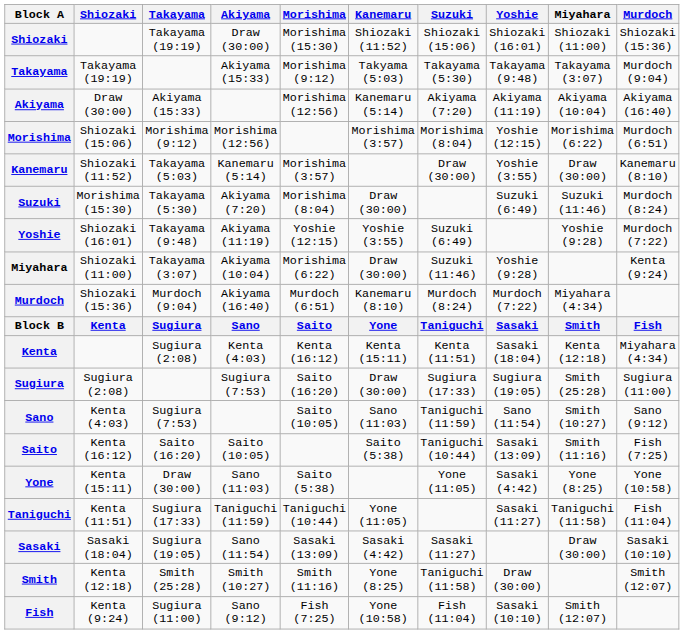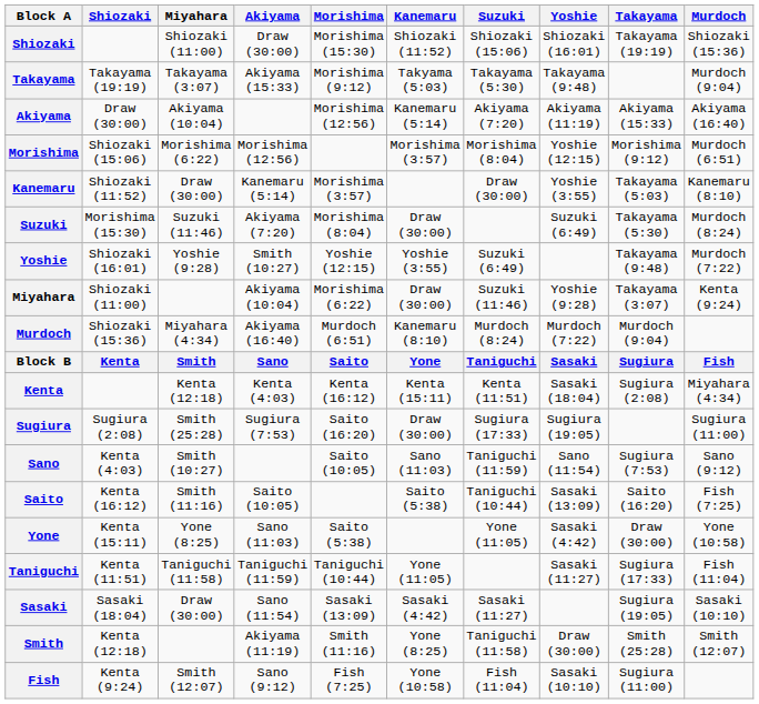 <table class="wikitable" style="margin: 1em auto 1em auto;text-align:center">
 <tr>
 <th>Block A</th>
 <th><a href='#'>Shiozaki</a></th>
-<th><a href='#'>Takayama</a></th>
+<th>Miyahara</th>
 <th><a href='#'>Akiyama</a></th>
 <th><a href='#'>Morishima</a></th>
 <th><a href='#'>Kanemaru</a></th>
 <th><a href='#'>Suzuki</a></th>
 <th><a href='#'>Yoshie</a></th>
-<th>Miyahara</th>
+<th><a href='#'>Takayama</a></th>
 <th><a href='#'>Murdoch</a></th>
 </tr>
 <tr>
 <th><a href='#'>Shiozaki</a></th>
 <td></td>
-<td>Takayama<br>(19:19)</td>
+<td>Shiozaki<br>(11:00)</td>
 <td>Draw<br>(30:00)</td>
 <td>Morishima<br>(15:30)</td>
 <td>Shiozaki<br>(11:52)</td>
 <td>Shiozaki<br>(15:06)</td>
 <td>Shiozaki<br>(16:01)</td>
-<td>Shiozaki<br>(11:00)</td>
+<td>Takayama<br>(19:19)</td>
 <td>Shiozaki<br>(15:36)</td>
 </tr>
 <tr>
 <th><a href='#'>Takayama</a></th>
 <td>Takayama<br>(19:19)</td>
-<td></td>
+<td>Takayama<br>(3:07)</td>
 <td>Akiyama<br>(15:33)</td>
 <td>Morishima<br>(9:12)</td>
 <td>Takyama<br>(5:03)</td>
 <td>Takayama<br>(5:30)</td>
 <td>Takayama<br>(9:48)</td>
-<td>Takayama<br>(3:07)</td>
+<td></td>
 <td>Murdoch<br>(9:04)</td>
 </tr>
 <tr>
 <th><a href='#'>Akiyama</a></th>
 <td>Draw<br>(30:00)</td>
-<td>Akiyama<br>(15:33)</td>
+<td>Akiyama<br>(10:04)</td>
 <td></td>
 <td>Morishima<br>(12:56)</td>
 <td>Kanemaru<br>(5:14)</td>
 <td>Akiyama<br>(7:20)</td>
 <td>Akiyama<br>(11:19)</td>
-<td>Akiyama<br>(10:04)</td>
+<td>Akiyama<br>(15:33)</td>
 <td>Akiyama<br>(16:40)</td>
 </tr>
 <tr>
 <th><a href='#'>Morishima</a></th>
 <td>Shiozaki<br>(15:06)</td>
-<td>Morishima<br>(9:12)</td>
+<td>Morishima<br>(6:22)</td>
 <td>Morishima<br>(12:56)</td>
 <td></td>
 <td>Morishima<br>(3:57)</td>
 <td>Morishima<br>(8:04)</td>
 <td>Yoshie<br>(12:15)</td>
-<td>Morishima<br>(6:22)</td>
+<td>Morishima<br>(9:12)</td>
 <td>Murdoch<br>(6:51)</td>
 </tr>
 <tr>
 <th><a href='#'>Kanemaru</a></th>
 <td>Shiozaki<br>(11:52)</td>
-<td>Takayama<br>(5:03)</td>
+<td>Draw<br>(30:00)</td>
 <td>Kanemaru<br>(5:14)</td>
 <td>Morishima<br>(3:57)</td>
 <td></td>
 <td>Draw<br>(30:00)</td>
 <td>Yoshie<br>(3:55)</td>
-<td>Draw<br>(30:00)</td>
+<td>Takayama<br>(5:03)</td>
 <td>Kanemaru<br>(8:10)</td>
 </tr>
 <tr>
 <th><a href='#'>Suzuki</a></th>
 <td>Morishima<br>(15:30)</td>
-<td>Takayama<br>(5:30)</td>
+<td>Suzuki<br>(11:46)</td>
 <td>Akiyama<br>(7:20)</td>
 <td>Morishima<br>(8:04)</td>
 <td>Draw<br>(30:00)</td>
 <td></td>
 <td>Suzuki<br>(6:49)</td>
-<td>Suzuki<br>(11:46)</td>
+<td>Takayama<br>(5:30)</td>
 <td>Murdoch<br>(8:24)</td>
 </tr>
 <tr>
 <th><a href='#'>Yoshie</a></th>
 <td>Shiozaki<br>(16:01)</td>
-<td>Takayama<br>(9:48)</td>
-<td>Akiyama<br>(11:19)</td>
+<td>Yoshie<br>(9:28)</td>
+<td>Smith<br>(10:27)</td>
 <td>Yoshie<br>(12:15)</td>
 <td>Yoshie<br>(3:55)</td>
 <td>Suzuki<br>(6:49)</td>
 <td></td>
-<td>Yoshie<br>(9:28)</td>
+<td>Takayama<br>(9:48)</td>
 <td>Murdoch<br>(7:22)</td>
 </tr>
 <tr>
 <th>Miyahara</th>
 <td>Shiozaki<br>(11:00)</td>
-<td>Takayama<br>(3:07)</td>
+<td></td>
 <td>Akiyama<br>(10:04)</td>
 <td>Morishima<br>(6:22)</td>
 <td>Draw<br>(30:00)</td>
 <td>Suzuki<br>(11:46)</td>
 <td>Yoshie<br>(9:28)</td>
-<td></td>
+<td>Takayama<br>(3:07)</td>
 <td>Kenta<br>(9:24)</td>
 </tr>
 <tr>
 <th><a href='#'>Murdoch</a></th>
 <td>Shiozaki<br>(15:36)</td>
-<td>Murdoch<br>(9:04)</td>
+<td>Miyahara<br>(4:34)</td>
 <td>Akiyama<br>(16:40)</td>
 <td>Murdoch<br>(6:51)</td>
 <td>Kanemaru<br>(8:10)</td>
 <td>Murdoch<br>(8:24)</td>
 <td>Murdoch<br>(7:22)</td>
-<td>Miyahara<br>(4:34)</td>
+<td>Murdoch<br>(9:04)</td>
 <td></td>
 </tr>
 <tr>
 <th>Block B</th>
 <th><a href='#'>Kenta</a></th>
-<th><a href='#'>Sugiura</a></th>
+<th><a href='#'>Smith</a></th>
 <th><a href='#'>Sano</a></th>
 <th><a href='#'>Saito</a></th>
 <th><a href='#'>Yone</a></th>
 <th><a href='#'>Taniguchi</a></th>
 <th><a href='#'>Sasaki</a></th>
-<th><a href='#'>Smith</a></th>
+<th><a href='#'>Sugiura</a></th>
 <th><a href='#'>Fish</a></th>
 </tr>
 <tr>
 <th><a href='#'>Kenta</a></th>
 <td></td>
-<td>Sugiura<br>(2:08)</td>
+<td>Kenta<br>(12:18)</td>
 <td>Kenta<br>(4:03)</td>
 <td>Kenta<br>(16:12)</td>
 <td>Kenta<br>(15:11)</td>
 <td>Kenta<br>(11:51)</td>
 <td>Sasaki<br>(18:04)</td>
-<td>Kenta<br>(12:18)</td>
+<td>Sugiura<br>(2:08)</td>
 <td>Miyahara<br>(4:34)</td>
 </tr>
 <tr>
 <th><a href='#'>Sugiura</a></th>
 <td>Sugiura<br>(2:08)</td>
-<td></td>
+<td>Smith<br>(25:28)</td>
 <td>Sugiura<br>(7:53)</td>
 <td>Saito<br>(16:20)</td>
 <td>Draw<br>(30:00)</td>
 <td>Sugiura<br>(17:33)</td>
 <td>Sugiura<br>(19:05)</td>
-<td>Smith<br>(25:28)</td>
+<td></td>
 <td>Sugiura<br>(11:00)</td>
 </tr>
 <tr>
 <th><a href='#'>Sano</a></th>
 <td>Kenta<br>(4:03)</td>
-<td>Sugiura<br>(7:53)</td>
+<td>Smith<br>(10:27)</td>
 <td></td>
 <td>Saito<br>(10:05)</td>
 <td>Sano<br>(11:03)</td>
 <td>Taniguchi<br>(11:59)</td>
 <td>Sano<br>(11:54)</td>
-<td>Smith<br>(10:27)</td>
+<td>Sugiura<br>(7:53)</td>
 <td>Sano<br>(9:12)</td>
 </tr>
 <tr>
 <th><a href='#'>Saito</a></th>
 <td>Kenta<br>(16:12)</td>
-<td>Saito<br>(16:20)</td>
+<td>Smith<br>(11:16)</td>
 <td>Saito<br>(10:05)</td>
 <td></td>
 <td>Saito<br>(5:38)</td>
 <td>Taniguchi<br>(10:44)</td>
 <td>Sasaki<br>(13:09)</td>
-<td>Smith<br>(11:16)</td>
+<td>Saito<br>(16:20)</td>
 <td>Fish<br>(7:25)</td>
 </tr>
 <tr>
 <th><a href='#'>Yone</a></th>
 <td>Kenta<br>(15:11)</td>
-<td>Draw<br>(30:00)</td>
+<td>Yone<br>(8:25)</td>
 <td>Sano<br>(11:03)</td>
 <td>Saito<br>(5:38)</td>
 <td></td>
 <td>Yone<br>(11:05)</td>
 <td>Sasaki<br>(4:42)</td>
-<td>Yone<br>(8:25)</td>
+<td>Draw<br>(30:00)</td>
 <td>Yone<br>(10:58)</td>
 </tr>
 <tr>
 <th><a href='#'>Taniguchi</a></th>
 <td>Kenta<br>(11:51)</td>
-<td>Sugiura<br>(17:33)</td>
+<td>Taniguchi<br>(11:58)</td>
 <td>Taniguchi<br>(11:59)</td>
 <td>Taniguchi<br>(10:44)</td>
 <td>Yone<br>(11:05)</td>
 <td></td>
 <td>Sasaki<br>(11:27)</td>
-<td>Taniguchi<br>(11:58)</td>
+<td>Sugiura<br>(17:33)</td>
 <td>Fish<br>(11:04)</td>
 </tr>
 <tr>
 <th><a href='#'>Sasaki</a></th>
 <td>Sasaki<br>(18:04)</td>
-<td>Sugiura<br>(19:05)</td>
+<td>Draw<br>(30:00)</td>
 <td>Sano<br>(11:54)</td>
 <td>Sasaki<br>(13:09)</td>
 <td>Sasaki<br>(4:42)</td>
 <td>Sasaki<br>(11:27)</td>
 <td></td>
-<td>Draw<br>(30:00)</td>
+<td>Sugiura<br>(19:05)</td>
 <td>Sasaki<br>(10:10)</td>
 </tr>
 <tr>
 <th><a href='#'>Smith</a></th>
 <td>Kenta<br>(12:18)</td>
-<td>Smith<br>(25:28)</td>
-<td>Smith<br>(10:27)</td>
+<td></td>
+<td>Akiyama<br>(11:19)</td>
 <td>Smith<br>(11:16)</td>
 <td>Yone<br>(8:25)</td>
 <td>Taniguchi<br>(11:58)</td>
 <td>Draw<br>(30:00)</td>
-<td></td>
+<td>Smith<br>(25:28)</td>
 <td>Smith<br>(12:07)</td>
 </tr>
 <tr>
 <th><a href='#'>Fish</a></th>
 <td>Kenta<br>(9:24)</td>
-<td>Sugiura<br>(11:00)</td>
+<td>Smith<br>(12:07)</td>
 <td>Sano<br>(9:12)</td>
 <td>Fish<br>(7:25)</td>
 <td>Yone<br>(10:58)</td>
 <td>Fish<br>(11:04)</td>
 <td>Sasaki<br>(10:10)</td>
-<td>Smith<br>(12:07)</td>
+<td>Sugiura<br>(11:00)</td>
 <td></td>
 </tr>
 </table>
